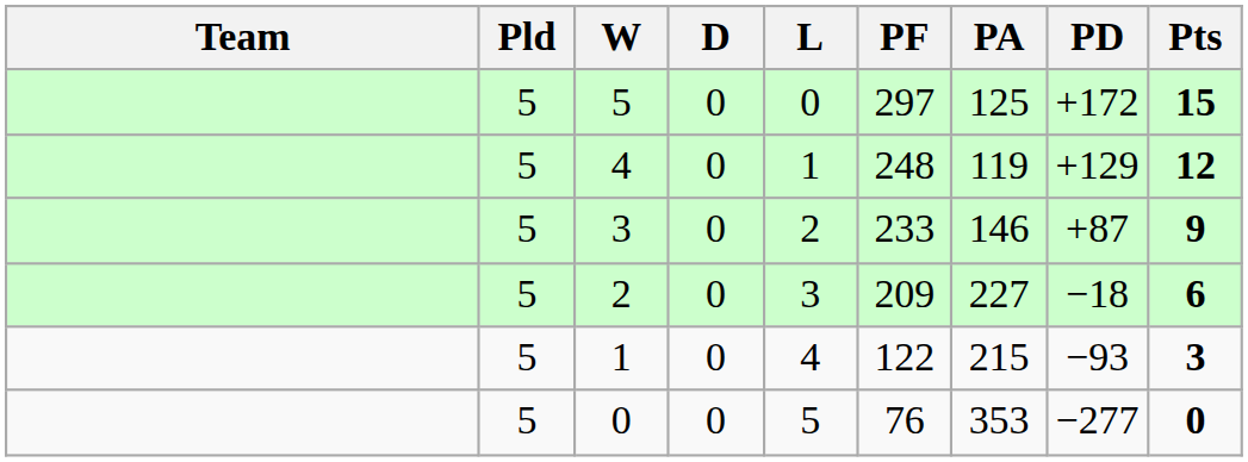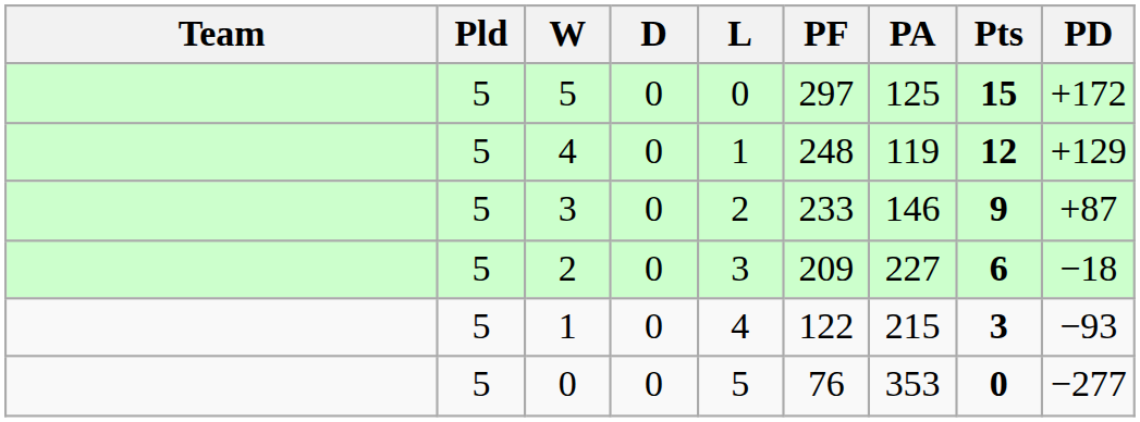 <table class="wikitable" style="text-align: center">
 <tr>
 <th width=180>Team</th>
 <th width=30>Pld</th>
 <th width=30>W</th>
 <th width=30>D</th>
 <th width=30>L</th>
 <th width=30>PF</th>
 <th width=30>PA</th>
+<th width=30>Pts</th>
 <th width=30>PD</th>
-<th width=30>Pts</th>
 </tr>
 <tr bgcolor=ccffcc>
 <td align=left></td>
 <td>5</td>
 <td>5</td>
 <td>0</td>
 <td>0</td>
 <td>297</td>
 <td>125</td>
+<td><strong>15</strong></td>
 <td>+172</td>
-<td><strong>15</strong></td>
 </tr>
 <tr bgcolor=ccffcc>
 <td align=left></td>
 <td>5</td>
 <td>4</td>
 <td>0</td>
 <td>1</td>
 <td>248</td>
 <td>119</td>
+<td><strong>12</strong></td>
 <td>+129</td>
-<td><strong>12</strong></td>
 </tr>
 <tr bgcolor=ccffcc>
 <td align=left></td>
 <td>5</td>
 <td>3</td>
 <td>0</td>
 <td>2</td>
 <td>233</td>
 <td>146</td>
+<td><strong>9</strong></td>
 <td>+87</td>
-<td><strong>9</strong></td>
 </tr>
 <tr bgcolor=ccffcc>
 <td align=left></td>
 <td>5</td>
 <td>2</td>
 <td>0</td>
 <td>3</td>
 <td>209</td>
 <td>227</td>
+<td><strong>6</strong></td>
 <td>−18</td>
-<td><strong>6</strong></td>
 </tr>
 <tr>
 <td align=left></td>
 <td>5</td>
 <td>1</td>
 <td>0</td>
 <td>4</td>
 <td>122</td>
 <td>215</td>
+<td><strong>3</strong></td>
 <td>−93</td>
-<td><strong>3</strong></td>
 </tr>
 <tr>
 <td align=left></td>
 <td>5</td>
 <td>0</td>
 <td>0</td>
 <td>5</td>
 <td>76</td>
 <td>353</td>
+<td><strong>0</strong></td>
 <td>−277</td>
-<td><strong>0</strong></td>
 </tr>
 </table>
